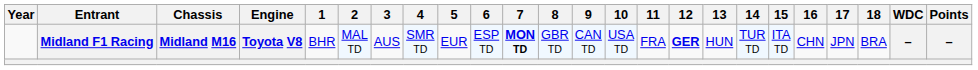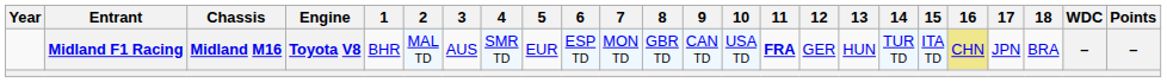 <table class="wikitable" style="text-align:center; font-size:85%">
 <tr>
 <th>Year</th>
 <th>Entrant</th>
 <th>Chassis</th>
 <th>Engine</th>
 <th>1</th>
 <th>2</th>
 <th>3</th>
 <th>4</th>
 <th>5</th>
 <th>6</th>
 <th>7</th>
 <th>8</th>
 <th>9</th>
 <th>10</th>
 <th>11</th>
 <th>12</th>
 <th>13</th>
 <th>14</th>
 <th>15</th>
 <th>16</th>
 <th>17</th>
 <th>18</th>
 <th>WDC</th>
 <th>Points</th>
 </tr>
 <tr>
 <td></td>
 <th nowrap><a href='#'>Midland F1 Racing</a></th>
 <th nowrap><a href='#'>Midland</a> <a href='#'>M16</a></th>
 <th nowrap><a href='#'>Toyota</a> <a href='#'>V8</a></th>
 <td><a href='#'>BHR</a><br><small></small></td>
 <td style="background:#F0F8FF;"><a href='#'>MAL</a><br><small>TD</small></td>
 <td><a href='#'>AUS</a><br><small></small></td>
 <td style="background:#F0F8FF;"><a href='#'>SMR</a><br><small>TD</small></td>
 <td><a href='#'>EUR</a><br><small></small></td>
 <td style="background:#F0F8FF;"><a href='#'>ESP</a><br><small>TD</small></td>
-<td style="background:#F0F8FF;"><strong><a href='#'>MON</a><br><small>TD</small></strong></td>
+<td style="background:#F0F8FF;"><a href='#'>MON</a><br><small>TD</small></td>
 <td style="background:#F0F8FF;"><a href='#'>GBR</a><br><small>TD</small></td>
 <td style="background:#F0F8FF;"><a href='#'>CAN</a><br><small>TD</small></td>
 <td style="background:#F0F8FF;"><a href='#'>USA</a><br><small>TD</small></td>
-<td><a href='#'>FRA</a><br><small></small></td>
-<td><strong><a href='#'>GER</a><br><small></small></strong></td>
+<td><strong><a href='#'>FRA</a><br><small></small></strong></td>
+<td><a href='#'>GER</a><br><small></small></td>
 <td><a href='#'>HUN</a><br><small></small></td>
 <td style="background:#F0F8FF;"><a href='#'>TUR</a><br><small>TD</small></td>
 <td style="background:#F0F8FF;"><a href='#'>ITA</a><br><small>TD</small></td>
-<td><a href='#'>CHN</a><br><small></small></td>
+<td style="background: khaki;"><a href='#'>CHN</a><br><small></small></td>
 <td><a href='#'>JPN</a><br><small></small></td>
 <td><a href='#'>BRA</a><br><small></small></td>
 <th>–</th>
 <th>–</th>
 </tr>
 <tr>
 <th colspan="24"></th>
 </tr>
 </table>
